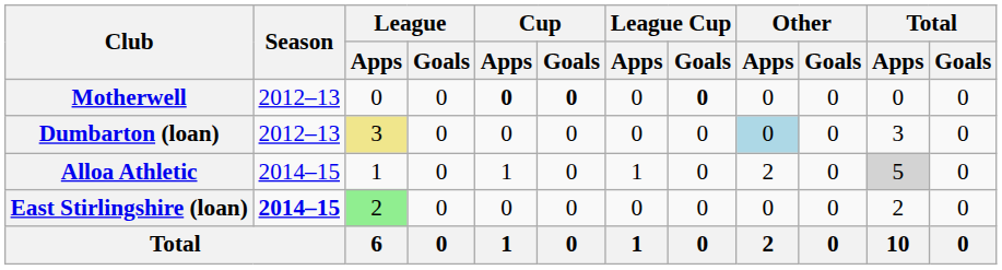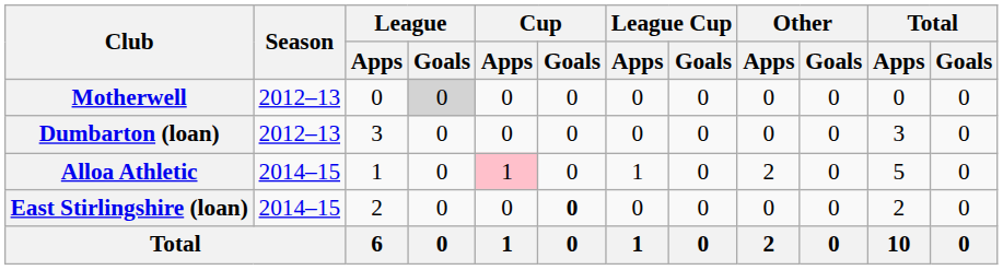 <table class="wikitable" style="text-align: center">
 <tr>
 <th rowspan="2">Club</th>
 <th rowspan="2">Season</th>
 <th colspan="2">League</th>
 <th colspan="2">Cup</th>
 <th colspan="2">League Cup</th>
 <th colspan="2">Other</th>
 <th colspan="2">Total</th>
 </tr>
 <tr>
 <th>Apps</th>
 <th>Goals</th>
 <th>Apps</th>
 <th>Goals</th>
 <th>Apps</th>
 <th>Goals</th>
 <th>Apps</th>
 <th>Goals</th>
 <th>Apps</th>
 <th>Goals</th>
 </tr>
 <tr>
 <th rowspan=1><a href='#'>Motherwell</a></th>
 <td><a href='#'>2012–13</a></td>
 <td>0</td>
+<td style="background: lightgrey;">0</td>
 <td>0</td>
-<td><strong>0</strong></td>
-<td><strong>0</strong></td>
 <td>0</td>
-<td><strong>0</strong></td>
+<td>0</td>
+<td>0</td>
 <td>0</td>
 <td>0</td>
 <td>0</td>
 <td>0</td>
 </tr>
 <tr>
 <th rowspan=1><a href='#'>Dumbarton</a> (loan)</th>
 <td><a href='#'>2012–13</a></td>
-<td style="background: khaki;">3</td>
+<td>3</td>
 <td>0</td>
 <td>0</td>
 <td>0</td>
 <td>0</td>
 <td>0</td>
-<td style="background: lightblue;">0</td>
+<td>0</td>
 <td>0</td>
 <td>3</td>
 <td>0</td>
 </tr>
 <tr>
 <th rowspan=1><a href='#'>Alloa Athletic</a></th>
 <td><a href='#'>2014–15</a></td>
 <td>1</td>
 <td>0</td>
-<td>1</td>
+<td style="background: pink;">1</td>
 <td>0</td>
 <td>1</td>
 <td>0</td>
 <td>2</td>
 <td>0</td>
-<td style="background: lightgrey;">5</td>
+<td>5</td>
 <td>0</td>
 </tr>
 <tr>
 <th rowspan=1><a href='#'>East Stirlingshire</a> (loan)</th>
-<td><strong><a href='#'>2014–15</a></strong></td>
-<td style="background: lightgreen;">2</td>
+<td><a href='#'>2014–15</a></td>
+<td>2</td>
 <td>0</td>
 <td>0</td>
-<td>0</td>
+<td><strong>0</strong></td>
 <td>0</td>
 <td>0</td>
 <td>0</td>
 <td>0</td>
 <td>2</td>
 <td>0</td>
 </tr>
 <tr>
 <th colspan="2">Total</th>
 <th>6</th>
 <th>0</th>
 <th>1</th>
 <th>0</th>
 <th>1</th>
 <th>0</th>
 <th>2</th>
 <th>0</th>
 <th>10</th>
 <th>0</th>
 </tr>
 </table>
